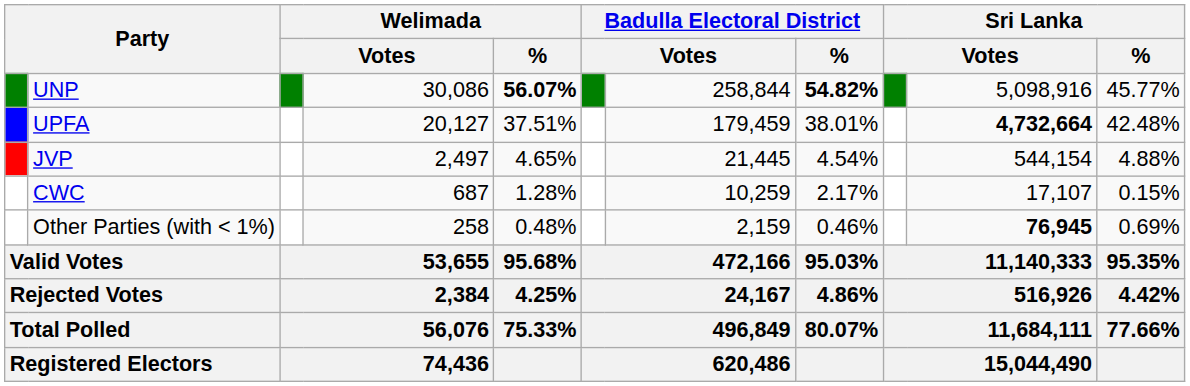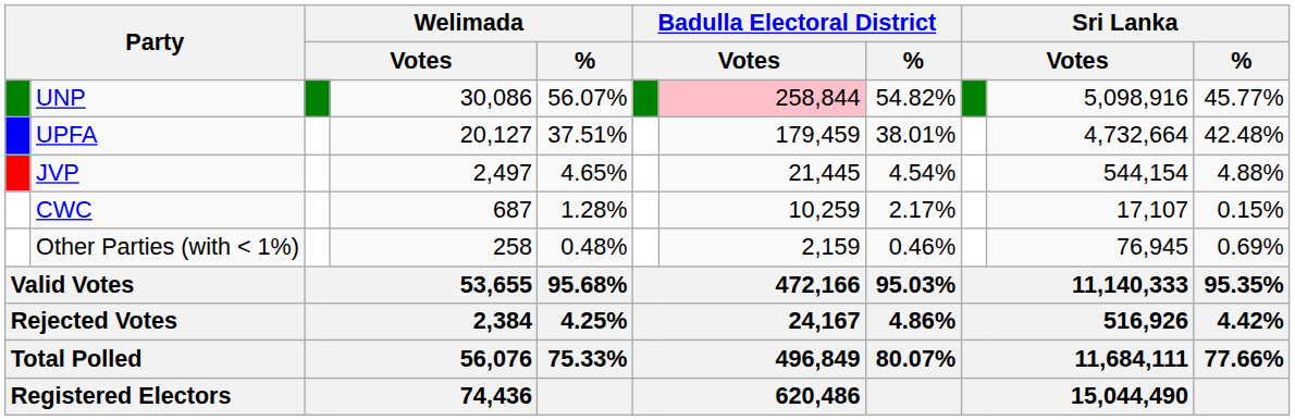 <table class="wikitable">
 <tr>
 <th colspan="2" width="144px"rowspan="2">Party</th>
 <th colspan="3" width="216px">Welimada</th>
 <th colspan="3" width="216px"><a href='#'>Badulla Electoral District</a></th>
 <th colspan="3" width="216px">Sri Lanka</th>
 </tr>
 <tr>
 <th colspan="2" width="144px">Votes</th>
 <th>%</th>
 <th colspan="2" width="144px">Votes</th>
 <th>%</th>
 <th colspan="2" width="144px">Votes</th>
 <th>%</th>
 </tr>
 <tr>
 <td style="background-color:green;" width="10px"></td>
 <td style="text-align:left;"><a href='#'>UNP</a></td>
 <td style="background-color:green;" width="10px"></td>
 <td style="text-align:right;">30,086</td>
-<td style="text-align:right;"><strong>56.07%</strong></td>
+<td style="text-align:right;">56.07%</td>
 <td style="background-color:green;" width="10px"></td>
-<td style="text-align:right;">258,844</td>
-<td style="text-align:right;"><strong>54.82%</strong></td>
+<td style="background: pink; text-align:right;">258,844</td>
+<td style="text-align:right;">54.82%</td>
 <td style="background-color:green;" width="10px"></td>
 <td style="text-align:right;">5,098,916</td>
 <td style="text-align:right;">45.77%</td>
 </tr>
 <tr>
 <td style="background-color:blue;" width="10px"></td>
 <td style="text-align:left;"><a href='#'>UPFA</a></td>
 <td style="background-color:white;" width="10px"></td>
 <td style="text-align:right;">20,127</td>
 <td style="text-align:right;">37.51%</td>
 <td style="background-color:white;" width="10px"></td>
 <td style="text-align:right;">179,459</td>
 <td style="text-align:right;">38.01%</td>
 <td style="background-color:white;" width="10px"></td>
-<td style="text-align:right;"><strong>4,732,664</strong></td>
+<td style="text-align:right;">4,732,664</td>
 <td style="text-align:right;">42.48%</td>
 </tr>
 <tr>
 <td style="background-color:red;" width="10px"></td>
 <td style="text-align:left;"><a href='#'>JVP</a></td>
 <td style="background-color:white;" width="10px"></td>
 <td style="text-align:right;">2,497</td>
 <td style="text-align:right;">4.65%</td>
 <td style="background-color:white;" width="10px"></td>
 <td style="text-align:right;">21,445</td>
 <td style="text-align:right;">4.54%</td>
 <td style="background-color:white;" width="10px"></td>
 <td style="text-align:right;">544,154</td>
 <td style="text-align:right;">4.88%</td>
 </tr>
 <tr>
 <td style="background-color:white;" width="10px"></td>
 <td style="text-align:left;"><a href='#'>CWC</a></td>
 <td style="background-color:white;" width="10px"></td>
 <td style="text-align:right;">687</td>
 <td style="text-align:right;">1.28%</td>
 <td style="background-color:white;" width="10px"></td>
 <td style="text-align:right;">10,259</td>
 <td style="text-align:right;">2.17%</td>
 <td style="background-color:white;" width="10px"></td>
 <td style="text-align:right;">17,107</td>
 <td style="text-align:right;">0.15%</td>
 </tr>
 <tr>
 <td style="background-color:white;" width="10px"></td>
 <td style="text-align:left;">Other Parties (with < 1%)</td>
 <td style="background-color:white;" width="10px"></td>
 <td style="text-align:right;">258</td>
 <td style="text-align:right;">0.48%</td>
 <td style="background-color:white;" width="10px"></td>
 <td style="text-align:right;">2,159</td>
 <td style="text-align:right;">0.46%</td>
 <td style="background-color:white;" width="10px"></td>
-<td style="text-align:right;"><strong>76,945</strong></td>
+<td style="text-align:right;">76,945</td>
 <td style="text-align:right;">0.69%</td>
 </tr>
 <tr>
 <th colspan="2" width="144px"style="text-align:left;">Valid Votes</th>
 <th style="text-align:right;"colspan="2" width="144px">53,655</th>
 <th style="text-align:right;">95.68%</th>
 <th style="text-align:right;"colspan="2" width="144px">472,166</th>
 <th style="text-align:right;">95.03%</th>
 <th style="text-align:right;"colspan="2" width="144px">11,140,333</th>
 <th style="text-align:right;">95.35%</th>
 </tr>
 <tr>
 <th colspan="2" width="144px"style="text-align:left;">Rejected Votes</th>
 <th style="text-align:right;"colspan="2" width="144px">2,384</th>
 <th style="text-align:right;">4.25%</th>
 <th style="text-align:right;"colspan="2" width="144px">24,167</th>
 <th style="text-align:right;">4.86%</th>
 <th style="text-align:right;"colspan="2" width="144px">516,926</th>
 <th style="text-align:right;">4.42%</th>
 </tr>
 <tr>
 <th colspan="2" width="144px"style="text-align:left;">Total Polled</th>
 <th style="text-align:right;"colspan="2" width="144px">56,076</th>
 <th style="text-align:right;">75.33%</th>
 <th style="text-align:right;"colspan="2" width="144px">496,849</th>
 <th style="text-align:right;">80.07%</th>
 <th style="text-align:right;"colspan="2" width="144px">11,684,111</th>
 <th style="text-align:right;">77.66%</th>
 </tr>
 <tr>
 <th colspan="2" width="144px"style="text-align:left;">Registered Electors</th>
 <th style="text-align:right;"colspan="2" width="144px">74,436</th>
 <th></th>
 <th style="text-align:right;"colspan="2" width="144px">620,486</th>
 <th></th>
 <th style="text-align:right;"colspan="2" width="144px">15,044,490</th>
 <th></th>
 </tr>
 </table>
